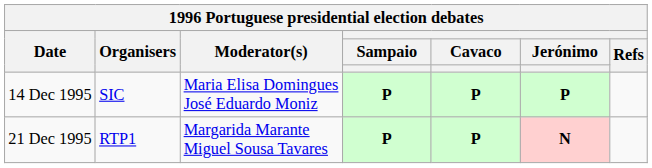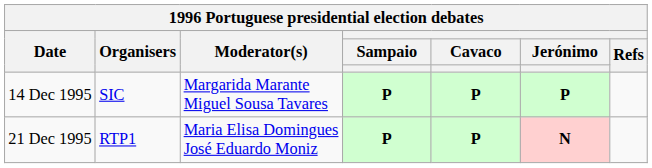 <table class="wikitable" style="font-size:98%; text-align:center;">
 <tr>
 <th colspan="21">1996 Portuguese presidential election debates</th>
 </tr>
 <tr>
 <th rowspan="3">Date</th>
 <th rowspan="3">Organisers</th>
 <th rowspan="3">Moderator(s)</th>
 <th colspan="18">      </th>
 </tr>
 <tr>
 <th scope="col" style="width:5em;">Sampaio</th>
 <th scope="col" style="width:5em;">Cavaco</th>
 <th scope="col" style="width:5em;">Jerónimo</th>
 <th rowspan="2">Refs</th>
 </tr>
 <tr>
 <th style="background:"></th>
 <th style="background:"></th>
 <th style="background:"></th>
 </tr>
 <tr>
 <td style="white-space:nowrap; text-align:left;">14 Dec 1995</td>
 <td style="white-space:nowrap; text-align:left;"><a href='#'>SIC</a></td>
-<td style="white-space:nowrap; text-align:left;"><a href='#'>Maria Elisa Domingues</a><br><a href='#'>José Eduardo Moniz</a></td>
+<td style="white-space:nowrap; text-align:left;"><a href='#'>Margarida Marante</a><br><a href='#'>Miguel Sousa Tavares</a></td>
 <td style="background:#D0FFD0;"><strong>P</strong></td>
 <td style="background:#D0FFD0;"><strong>P</strong></td>
 <td style="background:#D0FFD0;"><strong>P</strong></td>
 <td></td>
 </tr>
 <tr>
 <td style="white-space:nowrap; text-align:left;">21 Dec 1995</td>
 <td style="white-space:nowrap; text-align:left;"><a href='#'>RTP1</a></td>
-<td style="white-space:nowrap; text-align:left;"><a href='#'>Margarida Marante</a><br><a href='#'>Miguel Sousa Tavares</a></td>
+<td style="white-space:nowrap; text-align:left;"><a href='#'>Maria Elisa Domingues</a><br><a href='#'>José Eduardo Moniz</a></td>
 <td style="background:#D0FFD0;"><strong>P</strong></td>
 <td style="background:#D0FFD0;"><strong>P</strong></td>
 <td style="background:#FFD0D0;"><strong>N</strong></td>
 <td></td>
 </tr>
 </table>
